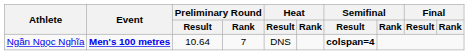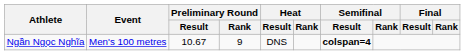 <table class="wikitable" style="font-size:90%">
 <tr>
 <th rowspan="2">Athlete</th>
 <th rowspan="2">Event</th>
 <th colspan="2">Preliminary Round</th>
 <th colspan="2">Heat</th>
 <th colspan="2">Semifinal</th>
 <th colspan="2">Final</th>
 </tr>
 <tr style="font-size:95%">
 <th>Result</th>
 <th>Rank</th>
 <th>Result</th>
 <th>Rank</th>
 <th>Result</th>
 <th>Rank</th>
 <th>Result</th>
 <th>Rank</th>
 </tr>
 <tr style=text-align:center>
 <td style=text-align:left><a href='#'>Ngần Ngọc Nghĩa</a></td>
-<td style=text-align:left><strong><a href='#'>Men's 100 metres</a></strong></td>
-<td>10.64</td>
-<td>7</td>
+<td style=text-align:left><a href='#'>Men's 100 metres</a></td>
+<td>10.67</td>
+<td>9</td>
 <td>DNS</td>
 <td></td>
 <td><strong>colspan=4 </strong></td>
 </tr>
 </table>
